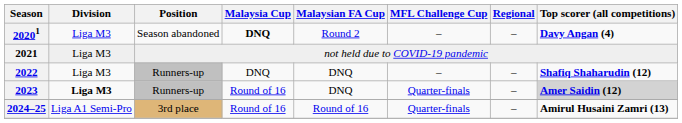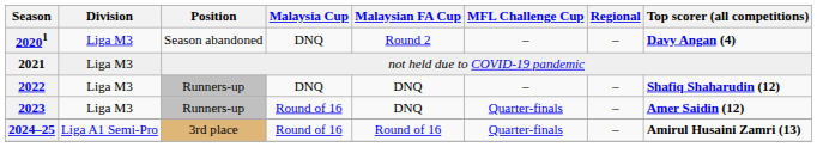 <table class="wikitable" style="font-size:89%;">
 <tr>
 <th>Season</th>
 <th>Division</th>
 <th>Position</th>
 <th><a href='#'>Malaysia Cup</a></th>
 <th><a href='#'>Malaysian FA Cup</a></th>
 <th><a href='#'>MFL Challenge Cup</a></th>
 <th><a href='#'>Regional</a></th>
 <th>Top scorer (all competitions)</th>
 </tr>
 <tr>
 <th style="text-align:center;"><a href='#'>2020</a><sup>1</sup></th>
 <td style="text-align:center;"><a href='#'>Liga M3</a></td>
 <td style="text-align:center;">Season abandoned</td>
-<td style="text-align:center;"><strong>DNQ</strong></td>
+<td style="text-align:center;">DNQ</td>
 <td style="text-align:center;"><a href='#'>Round 2</a></td>
 <td style="text-align:center;">–</td>
 <td style="text-align:center;">–</td>
 <td><strong> <a href='#'>Davy Angan</a> (4)</strong></td>
 </tr>
 <tr style="background:#efefef;">
 <th style="text-align:center;">2021</th>
 <td style="text-align:center;">Liga M3</td>
 <td colspan=6 align=center><em>not held due to <a href='#'>COVID-19 pandemic</a></em></td>
 </tr>
 <tr>
 <th style="text-align:center;"><a href='#'>2022</a></th>
 <td style="text-align:center;">Liga M3</td>
 <td bgcolor=silver style="text-align:center;">Runners-up</td>
 <td style="text-align:center;">DNQ</td>
 <td style="text-align:center;">DNQ</td>
 <td style="text-align:center;">–</td>
 <td style="text-align:center;">–</td>
 <td><strong> <a href='#'>Shafiq Shaharudin</a> (12)</strong></td>
 </tr>
 <tr>
 <th style="text-align:center;"><a href='#'>2023</a></th>
-<td style="text-align:center;"><strong>Liga M3</strong></td>
+<td style="text-align:center;">Liga M3</td>
 <td bgcolor=silver style="text-align:center;">Runners-up</td>
 <td style="text-align:center;"><a href='#'>Round of 16</a></td>
 <td style="text-align:center;">DNQ</td>
 <td style="text-align:center;"><a href='#'>Quarter-finals</a></td>
 <td style="text-align:center;">–</td>
-<td style="background: lightgrey;"><strong> <a href='#'>Amer Saidin</a> (12)</strong></td>
+<td><strong> <a href='#'>Amer Saidin</a> (12)</strong></td>
 </tr>
 <tr>
 </tr>
 <tr>
 <th style="text-align:center;"><a href='#'>2024–25</a></th>
 <td style="text-align:center;"><a href='#'>Liga A1 Semi-Pro</a></td>
 <td bgcolor=#deb678 style="text-align:center;">3rd place</td>
 <td style="text-align:center;"><a href='#'>Round of 16</a></td>
 <td style="text-align:center;"><a href='#'>Round of 16</a></td>
 <td style="text-align:center;"><a href='#'>Quarter-finals</a></td>
 <td style="text-align:center;">–</td>
 <td><strong> Amirul Husaini Zamri (13)</strong></td>
 </tr>
 <tr>
 </tr>
 </table>
